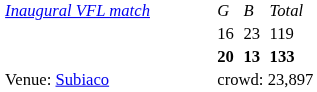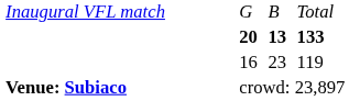 <table style="margin-right:4px; margin-top:8px; float:left; border:1px No.">
 <tr>
 <td width=200><em><a href='#'>Inaugural VFL match</a></em></td>
 <td><em>G</em></td>
 <td><em>B</em></td>
 <td><em>Total</em></td>
 </tr>
 <tr>
 <td style="text-align:left"></td>
+<td><strong>20</strong></td>
+<td><strong>13</strong></td>
+<td><strong>133</strong></td>
+</tr>
+<tr>
+<td style="text-align:left"></td>
 <td>16</td>
 <td>23</td>
 <td>119</td>
 </tr>
 <tr>
-<td style="text-align:left"></td>
-<td><strong>20</strong></td>
-<td><strong>13</strong></td>
-<td><strong>133</strong></td>
-</tr>
-<tr>
-<td>Venue: <a href='#'>Subiaco</a></td>
+<td><strong>Venue: <a href='#'>Subiaco</a></strong></td>
 <td colspan=3>crowd: 23,897</td>
 </tr>
 </table>
